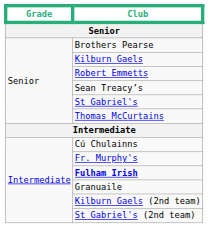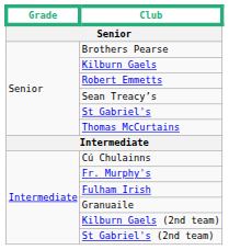 <table class="wikitable sortable">
 <tr>
 <th style="background:white;color:#28AE7B;border:5px solid #28AE7B">Grade</th>
 <th style="background:white;color:#28AE7B;border:5px solid #28AE7B">Club</th>
 </tr>
 <tr>
 <th colspan="2">Senior</th>
 </tr>
 <tr>
 <td rowspan="6">Senior</td>
 <td> Brothers Pearse</td>
 </tr>
 <tr>
 <td> <a href='#'>Kilburn Gaels</a></td>
 </tr>
 <tr>
 <td> <a href='#'>Robert Emmetts</a></td>
 </tr>
 <tr>
 <td> Sean Treacy’s</td>
 </tr>
 <tr>
 <td> <a href='#'>St Gabriel's</a></td>
 </tr>
 <tr>
 <td> <a href='#'>Thomas McCurtains</a></td>
 </tr>
 <tr>
 <th colspan="2">Intermediate</th>
 </tr>
 <tr>
 <td rowspan="6"><a href='#'>Intermediate</a></td>
 <td> Cú Chulainns</td>
 </tr>
 <tr>
 <td> <a href='#'>Fr. Murphy's</a></td>
 </tr>
 <tr>
-<td><strong> <a href='#'>Fulham Irish</a></strong></td>
+<td> <a href='#'>Fulham Irish</a></td>
 </tr>
 <tr>
 <td> Granuaile</td>
 </tr>
 <tr>
 <td> <a href='#'>Kilburn Gaels</a> (2nd team)</td>
 </tr>
 <tr>
 <td> <a href='#'>St Gabriel's</a> (2nd team)</td>
 </tr>
 </table>
